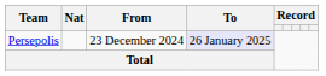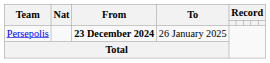 <table class="wikitable" style="text-align: center">
 <tr>
 <th rowspan="2">Team</th>
 <th rowspan="2">Nat</th>
 <th rowspan="2">From</th>
 <th rowspan="2">To</th>
 <th colspan="8">Record</th>
 </tr>
 <tr>
 <th></th>
 <th></th>
 <th></th>
 <th></th>
 <th></th>
 </tr>
 <tr>
 <td align="left"><a href='#'>Persepolis</a></td>
 <td></td>
-<td align="left">23 December 2024</td>
-<td align="left" style="background: lavender;">26 January 2025<br></td>
+<td align="left"><strong>23 December 2024</strong></td>
+<td align="left">26 January 2025<br></td>
 </tr>
 <tr>
 <th colspan="4">Total<br></th>
 </tr>
 </table>
